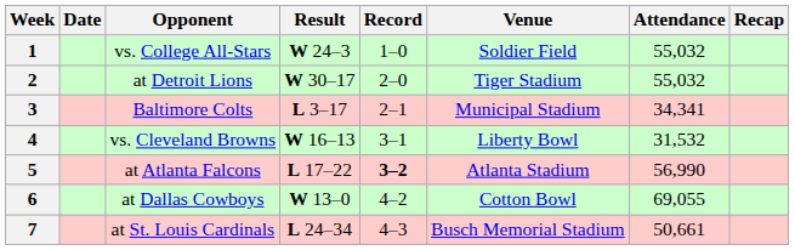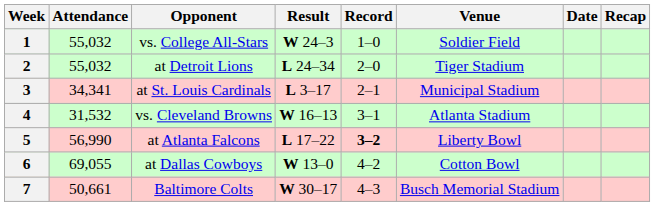 <table class="wikitable" style="text-align:center">
 <tr>
 <th>Week</th>
-<th>Date</th>
+<th>Attendance</th>
 <th>Opponent</th>
 <th>Result</th>
 <th>Record</th>
 <th>Venue</th>
-<th>Attendance</th>
+<th>Date</th>
 <th>Recap</th>
 </tr>
 <tr style="background:#cfc">
 <th>1</th>
-<td></td>
+<td>55,032</td>
 <td>vs. <a href='#'>College All-Stars</a></td>
 <td><strong>W</strong> 24–3</td>
 <td>1–0</td>
 <td><a href='#'>Soldier Field</a> </td>
-<td>55,032</td>
+<td></td>
 <td></td>
 </tr>
 <tr style="background:#cfc">
 <th>2</th>
-<td></td>
+<td>55,032</td>
 <td>at <a href='#'>Detroit Lions</a></td>
-<td><strong>W</strong> 30–17</td>
+<td><strong>L</strong> 24–34</td>
 <td>2–0</td>
 <td><a href='#'>Tiger Stadium</a></td>
-<td>55,032</td>
+<td></td>
 <td></td>
 </tr>
 <tr style="background:#fcc">
 <th>3</th>
-<td></td>
-<td><a href='#'>Baltimore Colts</a></td>
+<td>34,341</td>
+<td>at <a href='#'>St. Louis Cardinals</a></td>
 <td><strong>L</strong> 3–17</td>
 <td>2–1</td>
 <td><a href='#'>Municipal Stadium</a></td>
-<td>34,341</td>
+<td></td>
 <td></td>
 </tr>
 <tr style="background:#cfc">
 <th>4</th>
-<td></td>
+<td>31,532</td>
 <td>vs. <a href='#'>Cleveland Browns</a></td>
 <td><strong>W</strong> 16–13</td>
 <td>3–1</td>
-<td><a href='#'>Liberty Bowl</a> </td>
-<td>31,532</td>
+<td><a href='#'>Atlanta Stadium</a></td>
+<td></td>
 <td></td>
 </tr>
 <tr style="background:#fcc">
 <th>5</th>
-<td></td>
+<td>56,990</td>
 <td>at <a href='#'>Atlanta Falcons</a></td>
 <td><strong>L</strong> 17–22</td>
 <td><strong>3–2</strong></td>
-<td><a href='#'>Atlanta Stadium</a></td>
-<td>56,990</td>
+<td><a href='#'>Liberty Bowl</a> </td>
+<td></td>
 <td></td>
 </tr>
 <tr style="background:#cfc">
 <th>6</th>
-<td></td>
+<td>69,055</td>
 <td>at <a href='#'>Dallas Cowboys</a></td>
 <td><strong>W</strong> 13–0</td>
 <td>4–2</td>
 <td><a href='#'>Cotton Bowl</a></td>
-<td>69,055</td>
+<td></td>
 <td></td>
 </tr>
 <tr style="background:#fcc">
 <th>7</th>
-<td></td>
-<td>at <a href='#'>St. Louis Cardinals</a></td>
-<td><strong>L</strong> 24–34</td>
+<td>50,661</td>
+<td><a href='#'>Baltimore Colts</a></td>
+<td><strong>W</strong> 30–17</td>
 <td>4–3</td>
 <td><a href='#'>Busch Memorial Stadium</a></td>
-<td>50,661</td>
+<td></td>
 <td></td>
 </tr>
 </table>
